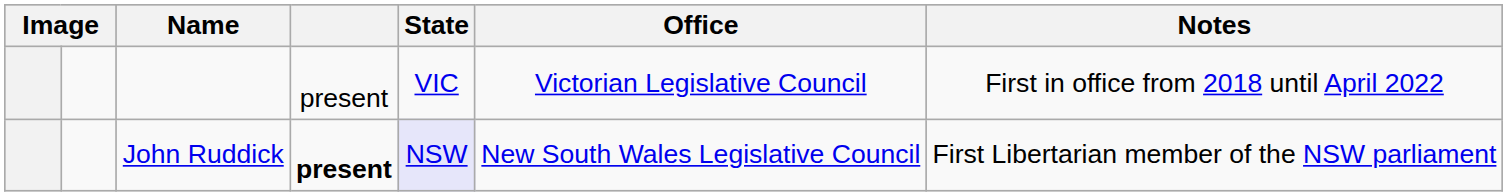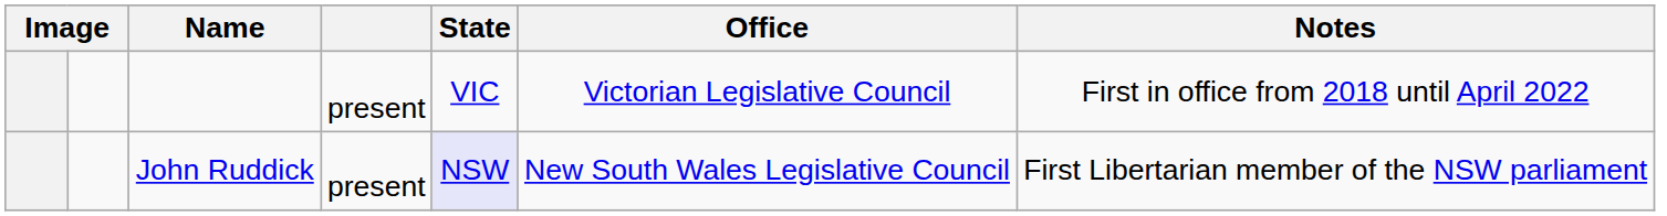 <table class="wikitable" style="text-align:center">
 <tr>
 <th colspan="2"; width=60>Image</th>
 <th>Name</th>
 <th></th>
 <th>State</th>
 <th>Office</th>
 <th>Notes</th>
 </tr>
 <tr>
 <th style="background:"></th>
 <td></td>
 <td></td>
 <td><br>present</td>
 <td><a href='#'>VIC</a></td>
 <td><a href='#'>Victorian Legislative Council</a> <br> </td>
 <td>First in office from <a href='#'>2018</a> until <a href='#'>April 2022</a></td>
 </tr>
 <tr>
 <th style="background:"></th>
 <td></td>
 <td><a href='#'>John Ruddick</a></td>
-<td><strong><br>present</strong></td>
+<td><br>present</td>
 <td style="background: lavender;"><a href='#'>NSW</a></td>
 <td><a href='#'>New South Wales Legislative Council</a></td>
 <td>First Libertarian member of the <a href='#'>NSW parliament</a></td>
 </tr>
 </table>
